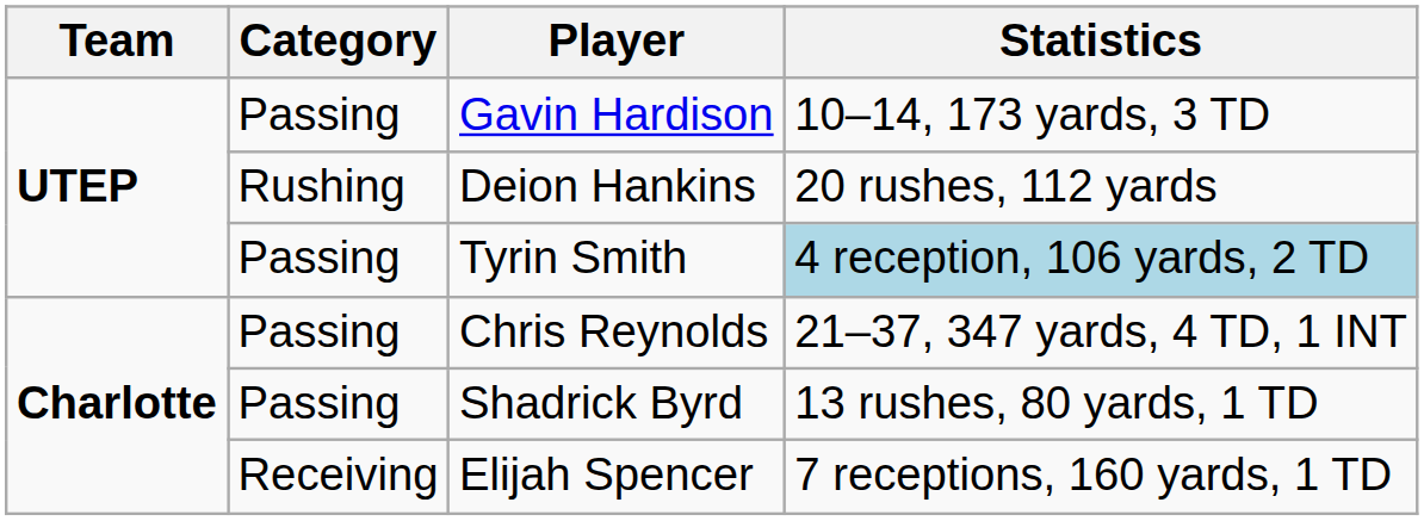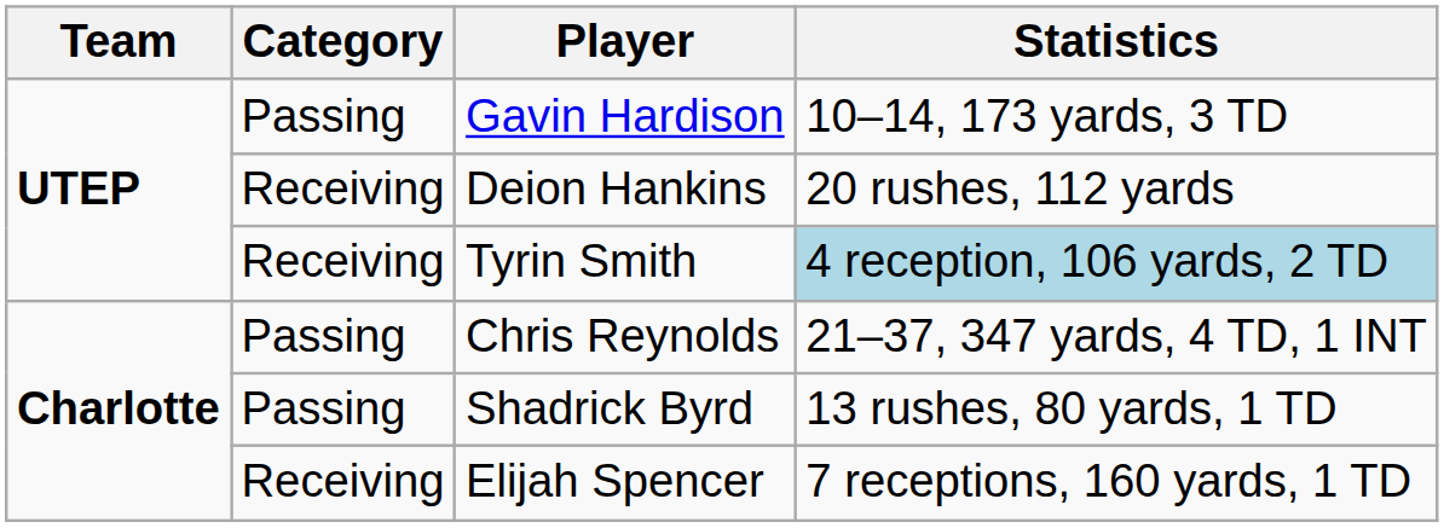 <table class="wikitable" style="float: left;">
 <tr>
 <th>Team</th>
 <th>Category</th>
 <th>Player</th>
 <th>Statistics</th>
 </tr>
 <tr>
 <td rowspan=3><strong>UTEP</strong></td>
 <td>Passing</td>
 <td><a href='#'>Gavin Hardison</a></td>
 <td>10–14, 173 yards, 3 TD</td>
 </tr>
 <tr>
-<td>Rushing</td>
+<td>Receiving</td>
 <td>Deion Hankins</td>
 <td>20 rushes, 112 yards</td>
 </tr>
 <tr>
-<td>Passing</td>
+<td>Receiving</td>
 <td>Tyrin Smith</td>
 <td style="background: lightblue;">4 reception, 106 yards, 2 TD</td>
 </tr>
 <tr>
 <td rowspan=3><strong>Charlotte</strong></td>
 <td>Passing</td>
 <td>Chris Reynolds</td>
 <td>21–37, 347 yards, 4 TD, 1 INT</td>
 </tr>
 <tr>
 <td>Passing</td>
 <td>Shadrick Byrd</td>
 <td>13 rushes, 80 yards, 1 TD</td>
 </tr>
 <tr>
 <td>Receiving</td>
 <td>Elijah Spencer</td>
 <td>7 receptions, 160 yards, 1 TD</td>
 </tr>
 </table>
